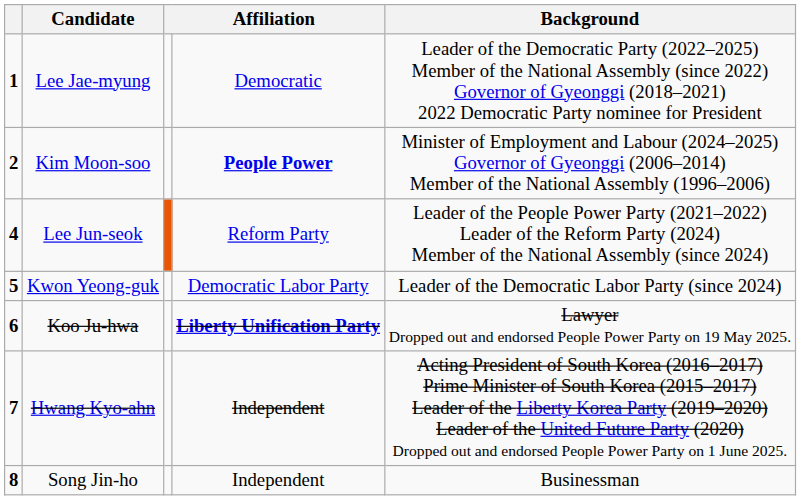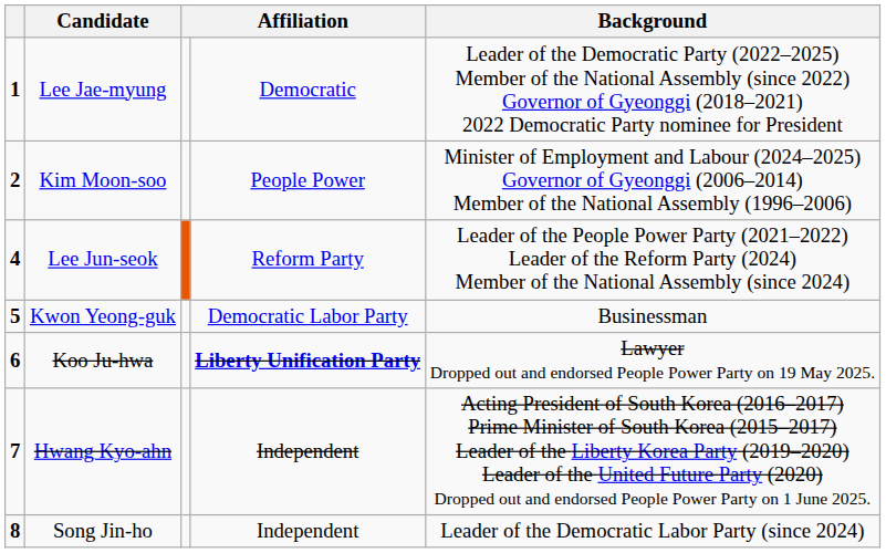 <table class="wikitable" style="text-align:center">
 <tr>
 <th></th>
 <th>Candidate</th>
 <th colspan="2">Affiliation</th>
 <th>Background</th>
 </tr>
 <tr>
 <td><strong>1</strong></td>
 <td><a href='#'>Lee Jae-myung</a></td>
 <td style="background:"></td>
 <td><a href='#'>Democratic</a></td>
 <td>Leader of the Democratic Party (2022–2025)<br>Member of the National Assembly (since 2022)<br><a href='#'>Governor of Gyeonggi</a> (2018–2021)<br>2022 Democratic Party nominee for President</td>
 </tr>
 <tr>
 <td><strong>2</strong></td>
 <td><a href='#'>Kim Moon-soo</a></td>
 <td style="background:"></td>
-<td><strong><a href='#'>People Power</a></strong></td>
+<td><a href='#'>People Power</a></td>
 <td>Minister of Employment and Labour (2024–2025)<br><a href='#'>Governor of Gyeonggi</a> (2006–2014)<br>Member of the National Assembly (1996–2006)</td>
 </tr>
 <tr>
 <td><strong>4</strong></td>
 <td><a href='#'>Lee Jun-seok</a></td>
 <td style="background:#EA5504"></td>
 <td><a href='#'>Reform Party</a></td>
 <td>Leader of the People Power Party (2021–2022)<br>Leader of the Reform Party (2024)<br>Member of the National Assembly (since 2024)</td>
 </tr>
 <tr>
 <td><strong>5</strong></td>
 <td><a href='#'>Kwon Yeong-guk</a></td>
 <td style="background:"></td>
 <td><a href='#'>Democratic Labor Party</a></td>
-<td>Leader of the Democratic Labor Party (since 2024)</td>
+<td>Businessman</td>
 </tr>
 <tr>
 <td><strong>6</strong></td>
 <td><s>Koo Ju-hwa</s></td>
 <td style="background:"></td>
 <td><strong><s><a href='#'>Liberty Unification Party</a></s></strong></td>
 <td><s>Lawyer</s><br><small>Dropped out and endorsed People Power Party on 19 May 2025.</small><br></td>
 </tr>
 <tr>
 <td><strong>7</strong></td>
 <td><s><a href='#'>Hwang Kyo-ahn</a></s></td>
 <td style="background:"></td>
 <td><s>Independent</s></td>
 <td><s>Acting President of South Korea (2016–2017)<br>Prime Minister of South Korea (2015–2017)<br>Leader of the <a href='#'>Liberty Korea Party</a> (2019–2020)<br>Leader of the <a href='#'>United Future Party</a> (2020)</s><br><small>Dropped out and endorsed People Power Party on 1 June 2025.</small><br></td>
 </tr>
 <tr>
 <td><strong>8</strong></td>
 <td>Song Jin-ho</td>
 <td style="background:"></td>
 <td>Independent</td>
-<td>Businessman</td>
+<td>Leader of the Democratic Labor Party (since 2024)</td>
 </tr>
 </table>
